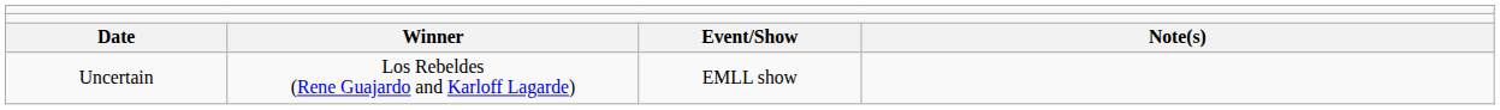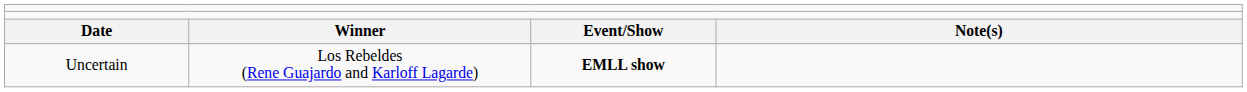 <table class="wikitable" style="text-align:center; width:100%;">
 <tr>
 <td colspan=5></td>
 </tr>
 <tr>
 <td colspan=5><strong></strong></td>
 </tr>
 <tr>
 <th width=14%>Date</th>
 <th width=26%>Winner</th>
 <th width=14%>Event/Show</th>
 <th width=40%>Note(s)</th>
 </tr>
 <tr>
 <td>Uncertain</td>
 <td>Los Rebeldes<br>(<a href='#'>Rene Guajardo</a> and <a href='#'>Karloff Lagarde</a>)</td>
-<td>EMLL show</td>
+<td><strong>EMLL show</strong></td>
 <td align=left></td>
 </tr>
 </table>
